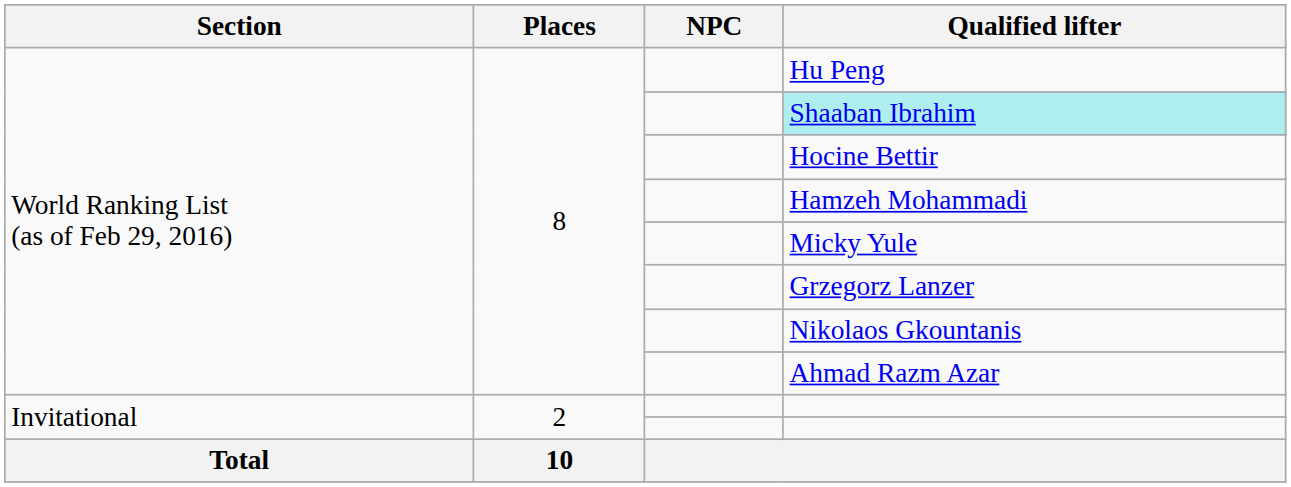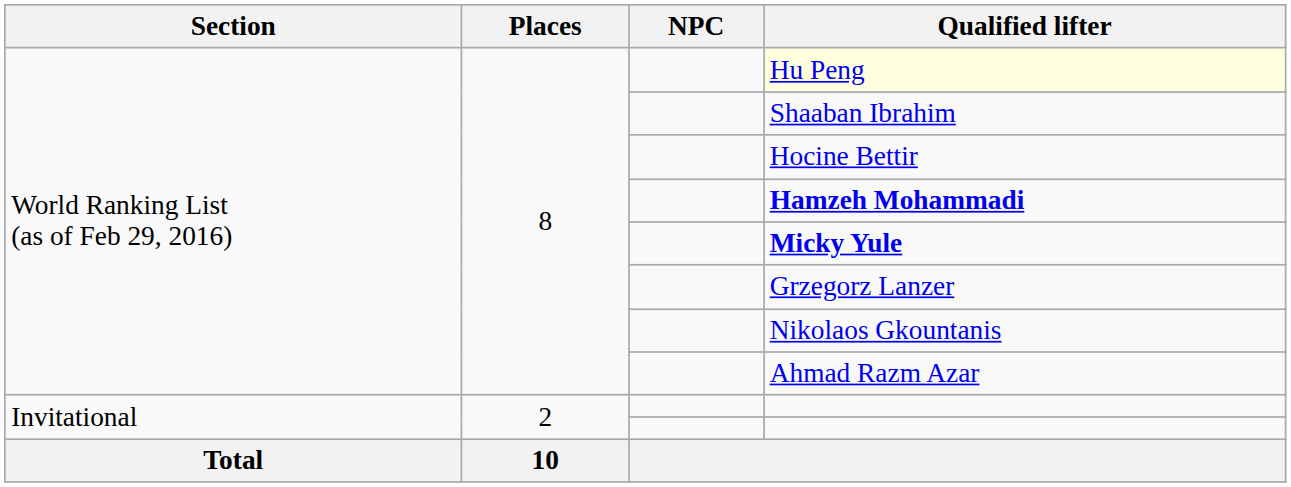 <table class="wikitable"  width=750>
 <tr>
 <th>Section</th>
 <th>Places</th>
 <th>NPC</th>
 <th>Qualified lifter</th>
 </tr>
 <tr>
 <td rowspan=8>World Ranking List<br>(as of Feb 29, 2016)</td>
 <td rowspan=8 align=center>8</td>
 <td></td>
-<td><a href='#'>Hu Peng</a></td>
+<td style="background: lightyellow;"><a href='#'>Hu Peng</a></td>
 </tr>
 <tr>
 <td></td>
-<td style="background: paleturquoise;"><a href='#'>Shaaban Ibrahim</a></td>
+<td><a href='#'>Shaaban Ibrahim</a></td>
 </tr>
 <tr>
 <td></td>
 <td><a href='#'>Hocine Bettir</a></td>
 </tr>
 <tr>
 <td></td>
-<td><a href='#'>Hamzeh Mohammadi</a></td>
+<td><strong><a href='#'>Hamzeh Mohammadi</a></strong></td>
 </tr>
 <tr>
 <td></td>
-<td><a href='#'>Micky Yule</a></td>
+<td><strong><a href='#'>Micky Yule</a></strong></td>
 </tr>
 <tr>
 <td></td>
 <td><a href='#'>Grzegorz Lanzer</a></td>
 </tr>
 <tr>
 <td></td>
 <td><a href='#'>Nikolaos Gkountanis</a></td>
 </tr>
 <tr>
 <td></td>
 <td><a href='#'>Ahmad Razm Azar</a></td>
 </tr>
 <tr>
 <td rowspan=2>Invitational</td>
 <td rowspan="2" align=center>2</td>
 <td></td>
 <td></td>
 </tr>
 <tr>
 <td></td>
 <td></td>
 </tr>
 <tr>
 <th>Total</th>
 <th>10</th>
 <th colspan=2></th>
 </tr>
 </table>
